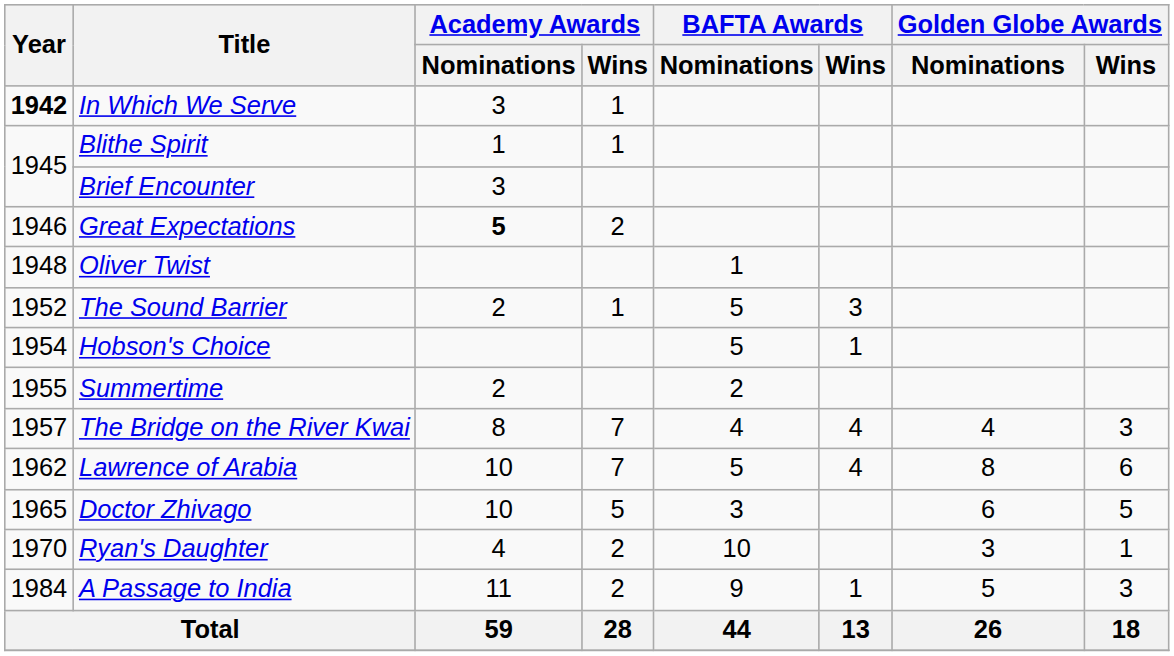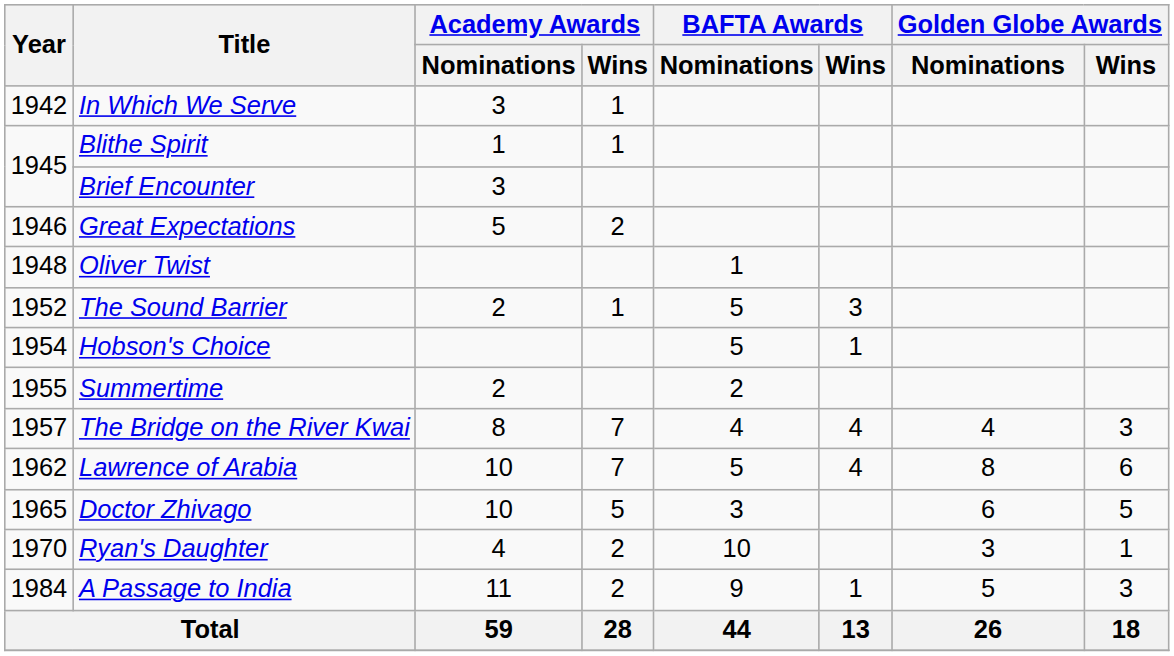 <table class="wikitable">
 <tr>
 <th rowspan="2">Year</th>
 <th rowspan="2">Title</th>
 <th colspan="2"><a href='#'>Academy Awards</a></th>
 <th colspan="2"><a href='#'>BAFTA Awards</a></th>
 <th colspan="2"><a href='#'>Golden Globe Awards</a></th>
 </tr>
 <tr>
 <th>Nominations</th>
 <th>Wins</th>
 <th>Nominations</th>
 <th>Wins</th>
 <th>Nominations</th>
 <th>Wins</th>
 </tr>
 <tr>
-<td><strong>1942</strong></td>
+<td>1942</td>
 <td><em><a href='#'>In Which We Serve</a></em></td>
 <td align=center>3</td>
 <td align=center>1</td>
 <td></td>
 <td></td>
 <td></td>
 <td></td>
 </tr>
 <tr>
 <td rowspan="2">1945</td>
 <td><a href='#'><em>Blithe Spirit</em></a></td>
 <td align=center>1</td>
 <td align=center>1</td>
 <td></td>
 <td></td>
 <td></td>
 <td></td>
 </tr>
 <tr>
 <td><em><a href='#'>Brief Encounter</a></em></td>
 <td align=center>3</td>
 <td></td>
 <td></td>
 <td></td>
 <td></td>
 <td></td>
 </tr>
 <tr>
 <td>1946</td>
 <td><a href='#'><em>Great Expectations</em></a></td>
-<td align=center><strong>5</strong></td>
+<td align=center>5</td>
 <td align=center>2</td>
 <td></td>
 <td></td>
 <td></td>
 <td></td>
 </tr>
 <tr>
 <td>1948</td>
 <td><a href='#'><em>Oliver Twist</em></a></td>
 <td></td>
 <td></td>
 <td align=center>1</td>
 <td></td>
 <td></td>
 <td></td>
 </tr>
 <tr>
 <td>1952</td>
 <td><em><a href='#'>The Sound Barrier</a></em></td>
 <td align=center>2</td>
 <td align=center>1</td>
 <td align=center>5</td>
 <td align=center>3</td>
 <td></td>
 <td></td>
 </tr>
 <tr>
 <td>1954</td>
 <td><a href='#'><em>Hobson's Choice</em></a></td>
 <td></td>
 <td></td>
 <td align=center>5</td>
 <td align=center>1</td>
 <td></td>
 <td></td>
 </tr>
 <tr>
 <td>1955</td>
 <td><a href='#'><em>Summertime</em></a></td>
 <td align=center>2</td>
 <td></td>
 <td align=center>2</td>
 <td></td>
 <td></td>
 <td></td>
 </tr>
 <tr>
 <td>1957</td>
 <td><em><a href='#'>The Bridge on the River Kwai</a></em></td>
 <td align=center>8</td>
 <td align=center>7</td>
 <td align=center>4</td>
 <td align=center>4</td>
 <td align=center>4</td>
 <td align=center>3</td>
 </tr>
 <tr>
 <td>1962</td>
 <td><a href='#'><em>Lawrence of Arabia</em></a></td>
 <td align=center>10</td>
 <td align=center>7</td>
 <td align=center>5</td>
 <td align=center>4</td>
 <td align=center>8</td>
 <td align=center>6</td>
 </tr>
 <tr>
 <td>1965</td>
 <td><a href='#'><em>Doctor Zhivago</em></a></td>
 <td align=center>10</td>
 <td align=center>5</td>
 <td align=center>3</td>
 <td></td>
 <td align=center>6</td>
 <td align=center>5</td>
 </tr>
 <tr>
 <td>1970</td>
 <td><em><a href='#'>Ryan's Daughter</a></em></td>
 <td align=center>4</td>
 <td align=center>2</td>
 <td align=center>10</td>
 <td></td>
 <td align=center>3</td>
 <td align=center>1</td>
 </tr>
 <tr>
 <td>1984</td>
 <td><a href='#'><em>A Passage to India</em></a></td>
 <td align=center>11</td>
 <td align=center>2</td>
 <td align=center>9</td>
 <td align=center>1</td>
 <td align=center>5</td>
 <td align=center>3</td>
 </tr>
 <tr>
 <th colspan="2"><strong>Total</strong></th>
 <th>59</th>
 <th>28</th>
 <th>44</th>
 <th>13</th>
 <th>26</th>
 <th>18</th>
 </tr>
 <tr>
 </tr>
 </table>
